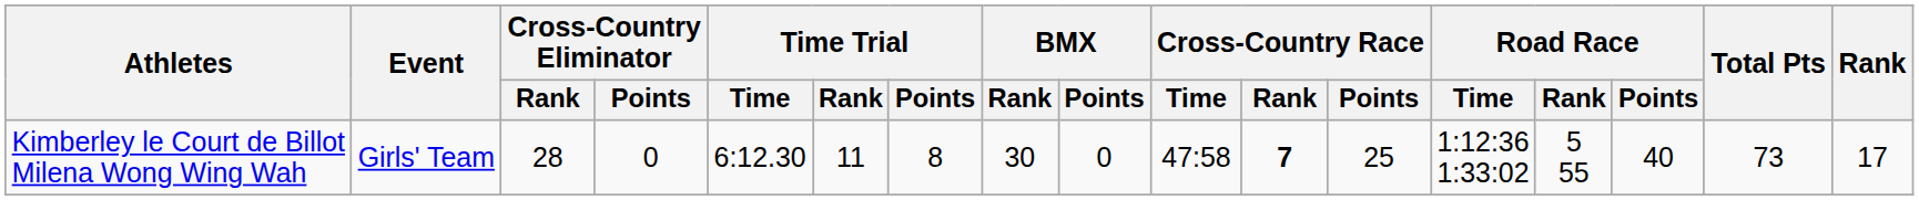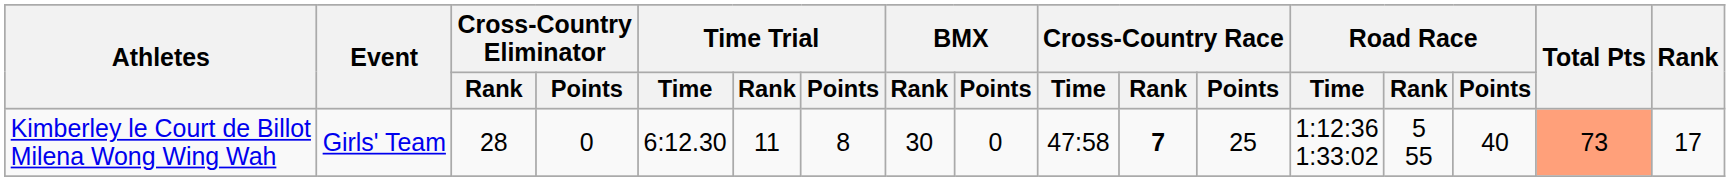 <table class="wikitable" style="font-size:90%;">
 <tr>
 <th rowspan=2>Athletes</th>
 <th rowspan=2>Event</th>
 <th colspan=2>Cross-Country<br>Eliminator</th>
 <th colspan=3>Time Trial</th>
 <th colspan=2>BMX</th>
 <th colspan=3>Cross-Country Race</th>
 <th colspan=3>Road Race</th>
 <th rowspan=2>Total Pts</th>
 <th rowspan=2>Rank</th>
 </tr>
 <tr style="font-size:95%">
 <th>Rank</th>
 <th>Points</th>
 <th>Time</th>
 <th>Rank</th>
 <th>Points</th>
 <th>Rank</th>
 <th>Points</th>
 <th>Time</th>
 <th>Rank</th>
 <th>Points</th>
 <th>Time</th>
 <th>Rank</th>
 <th>Points</th>
 </tr>
 <tr align=center>
 <td align=left><a href='#'>Kimberley le Court de Billot</a><br><a href='#'>Milena Wong Wing Wah</a></td>
 <td align=left><a href='#'>Girls' Team</a></td>
 <td>28</td>
 <td>0</td>
 <td>6:12.30</td>
 <td>11</td>
 <td>8</td>
 <td>30</td>
 <td>0</td>
 <td>47:58</td>
 <td><strong>7</strong></td>
 <td>25</td>
 <td>1:12:36<br>1:33:02</td>
 <td>5<br>55</td>
 <td>40</td>
-<td>73</td>
+<td style="background: lightsalmon;">73</td>
 <td>17</td>
 </tr>
 </table>
